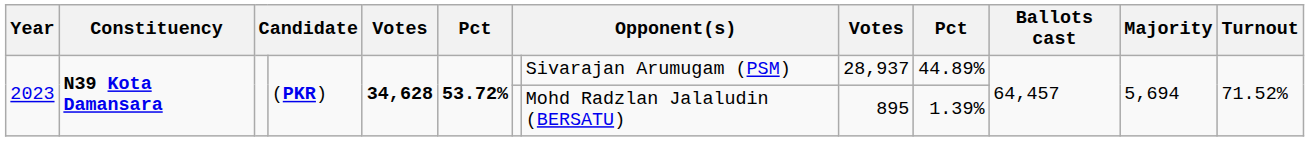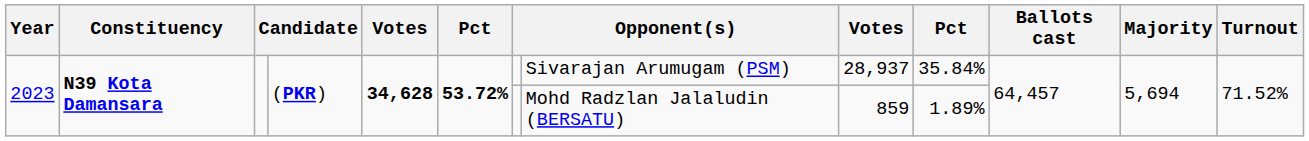 <table class="wikitable" style="margin:0.5em ; font-size:95%">
 <tr>
 <th>Year</th>
 <th>Constituency</th>
 <th colspan=2>Candidate</th>
 <th>Votes</th>
 <th>Pct</th>
 <th colspan=2>Opponent(s)</th>
 <th>Votes</th>
 <th>Pct</th>
 <th>Ballots cast</th>
 <th>Majority</th>
 <th>Turnout</th>
 </tr>
 <tr>
 <td rowspan=2><a href='#'>2023</a></td>
 <td rowspan=2><strong>N39 <a href='#'>Kota Damansara</a></strong></td>
 <td rowspan=2 ></td>
 <td rowspan=2><strong></strong> (<a href='#'><strong>PKR</strong></a>)</td>
 <td rowspan=2 align=right><strong>34,628</strong></td>
 <td rowspan=2><strong>53.72%</strong></td>
 <td></td>
 <td>Sivarajan Arumugam (<a href='#'>PSM</a>)</td>
 <td align=right>28,937</td>
-<td>44.89%</td>
+<td>35.84%</td>
 <td rowspan=2>64,457</td>
 <td rowspan=2>5,694</td>
 <td rowspan=2>71.52%</td>
 </tr>
 <tr>
 <td bgcolor=></td>
 <td>Mohd Radzlan Jalaludin (<a href='#'>BERSATU</a>)</td>
-<td align=right>895</td>
-<td align=right>1.39%</td>
+<td align=right>859</td>
+<td align=right>1.89%</td>
 </tr>
 </table>
